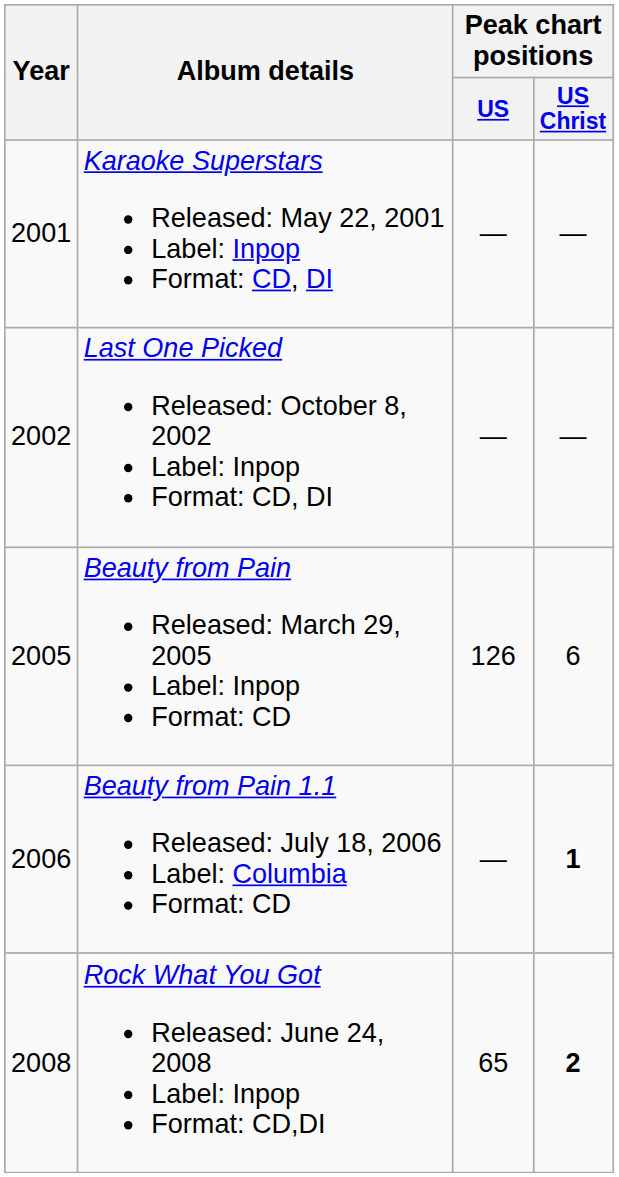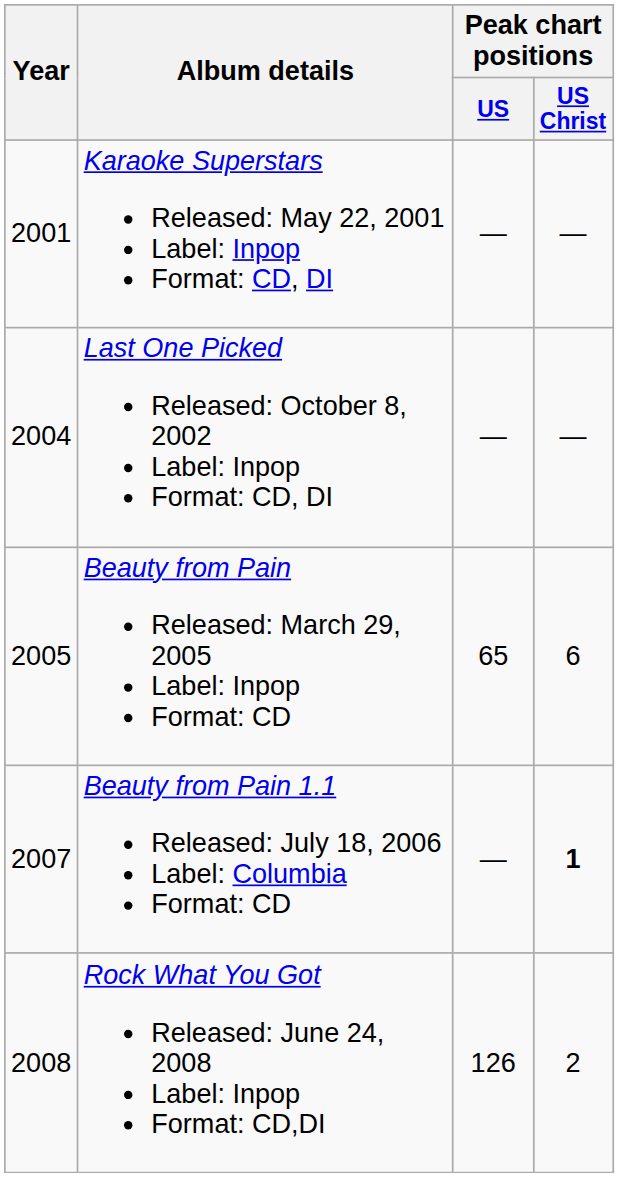 <table class="wikitable">
 <tr>
 <th rowspan="2" style="width:33px;">Year</th>
 <th rowspan="2" style="width:215px;">Album details</th>
 <th colspan="2">Peak chart positions</th>
 </tr>
 <tr>
 <th scope="col" style="width:3em;font-size:85%;"><a href='#'>US</a><br></th>
 <th scope="col" style="width:3em;font-size:85%;"><a href='#'>US<br> Christ</a><br></th>
 </tr>
 <tr>
 <td>2001</td>
 <td><em><a href='#'>Karaoke Superstars</a></em><br><ul><li>Released: May 22, 2001</li><li>Label: <a href='#'>Inpop</a></li><li>Format: <a href='#'>CD</a>, <a href='#'>DI</a></li></ul></td>
 <td style="text-align:center;">—</td>
 <td style="text-align:center;">—</td>
 </tr>
 <tr>
-<td>2002</td>
+<td>2004</td>
 <td><em><a href='#'>Last One Picked</a></em><br><ul><li>Released: October 8, 2002</li><li>Label: Inpop</li><li>Format: CD, DI</li></ul></td>
 <td style="text-align:center;">—</td>
 <td style="text-align:center;">—</td>
 </tr>
 <tr>
 <td>2005</td>
 <td><em><a href='#'>Beauty from Pain</a></em><br><ul><li>Released: March 29, 2005</li><li>Label: Inpop</li><li>Format: CD</li></ul></td>
-<td style="text-align:center;">126</td>
+<td style="text-align:center;">65</td>
 <td style="text-align:center;">6</td>
 </tr>
 <tr>
-<td>2006</td>
+<td>2007</td>
 <td><em><a href='#'>Beauty from Pain 1.1</a></em><br><ul><li>Released: July 18, 2006</li><li>Label: <a href='#'>Columbia</a></li><li>Format: CD</li></ul></td>
 <td style="text-align:center;">—</td>
 <td style="text-align:center;"><strong>1</strong></td>
 </tr>
 <tr>
 <td>2008</td>
 <td><em><a href='#'>Rock What You Got</a></em><br><ul><li>Released: June 24, 2008</li><li>Label: Inpop</li><li>Format: CD,DI</li></ul></td>
-<td style="text-align:center;">65</td>
-<td style="text-align:center;"><strong>2</strong></td>
+<td style="text-align:center;">126</td>
+<td style="text-align:center;">2</td>
 </tr>
 </table>
